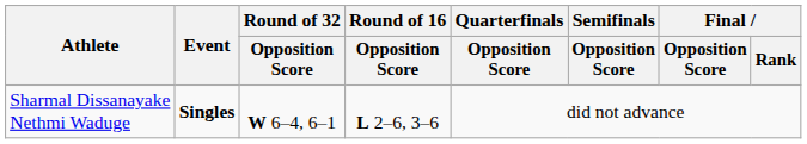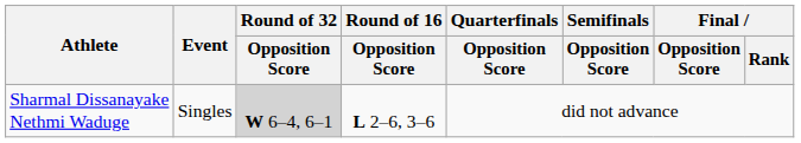 <table class=wikitable style="font-size:90%">
 <tr>
 <th rowspan="2">Athlete</th>
 <th rowspan="2">Event</th>
 <th>Round of 32</th>
 <th>Round of 16</th>
 <th>Quarterfinals</th>
 <th>Semifinals</th>
 <th colspan=2>Final / </th>
 </tr>
 <tr style="font-size:95%">
 <th>Opposition<br>Score</th>
 <th>Opposition<br>Score</th>
 <th>Opposition<br>Score</th>
 <th>Opposition<br>Score</th>
 <th>Opposition<br>Score</th>
 <th>Rank</th>
 </tr>
 <tr align=center>
 <td align=left><a href='#'>Sharmal Dissanayake</a><br><a href='#'>Nethmi Waduge</a></td>
-<td><strong>Singles</strong></td>
-<td><br><strong>W</strong> 6–4, 6–1</td>
+<td>Singles</td>
+<td style="background: lightgrey;"><br><strong>W</strong> 6–4, 6–1</td>
 <td><br><strong>L</strong> 2–6, 3–6</td>
 <td colspan=4>did not advance</td>
 </tr>
 </table>
